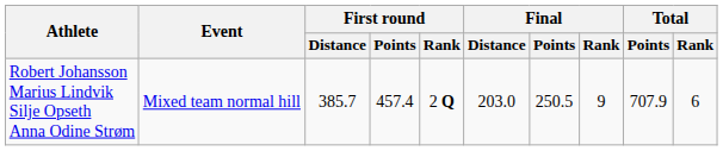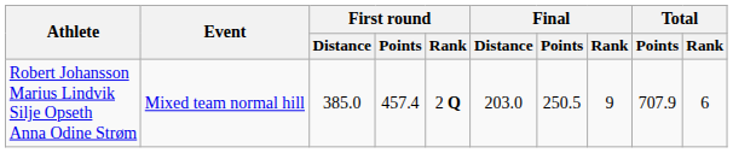 <table class="wikitable" style="font-size:90%; text-align:center">
 <tr>
 <th rowspan=2>Athlete</th>
 <th rowspan=2>Event</th>
 <th colspan=3>First round</th>
 <th colspan=3>Final</th>
 <th colspan=2>Total</th>
 </tr>
 <tr style="font-size:95%">
 <th>Distance</th>
 <th>Points</th>
 <th>Rank</th>
 <th>Distance</th>
 <th>Points</th>
 <th>Rank</th>
 <th>Points</th>
 <th>Rank</th>
 </tr>
 <tr>
 <td align=left><a href='#'>Robert Johansson</a><br><a href='#'>Marius Lindvik</a><br><a href='#'>Silje Opseth</a><br><a href='#'>Anna Odine Strøm</a></td>
 <td align=left><a href='#'>Mixed team normal hill</a></td>
-<td>385.7</td>
+<td>385.0</td>
 <td>457.4</td>
 <td>2 <strong>Q</strong></td>
 <td>203.0</td>
 <td>250.5</td>
 <td>9</td>
 <td>707.9</td>
 <td>6</td>
 </tr>
 </table>
